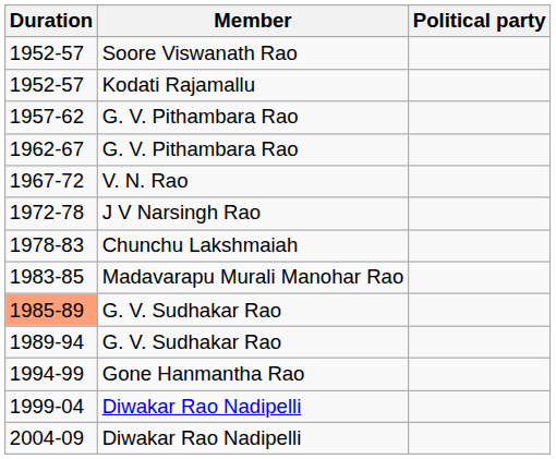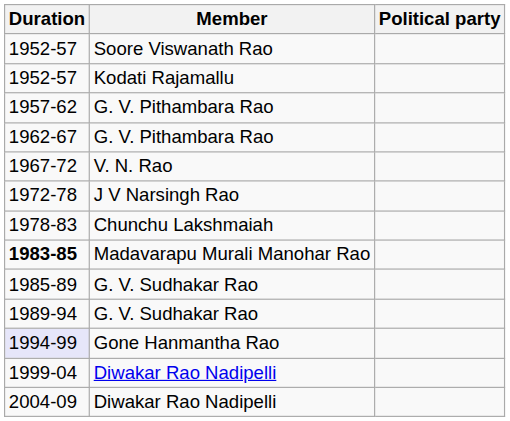 <table class="wikitable">
 <tr>
 <th>Duration</th>
 <th>Member</th>
 <th colspan="2">Political party</th>
 </tr>
 <tr>
 <td>1952-57</td>
 <td>Soore Viswanath Rao</td>
 <td></td>
 </tr>
 <tr>
 <td>1952-57</td>
 <td>Kodati Rajamallu</td>
 <td></td>
 </tr>
 <tr>
 <td>1957-62</td>
 <td>G. V. Pithambara Rao</td>
 <td></td>
 </tr>
 <tr>
 <td>1962-67</td>
 <td>G. V. Pithambara Rao</td>
 <td></td>
 </tr>
 <tr>
 <td>1967-72</td>
 <td>V. N. Rao</td>
 <td></td>
 </tr>
 <tr>
 <td>1972-78</td>
 <td>J V Narsingh Rao</td>
 <td></td>
 </tr>
 <tr>
 <td>1978-83</td>
 <td>Chunchu Lakshmaiah</td>
 <td></td>
 </tr>
 <tr>
-<td>1983-85</td>
+<td><strong>1983-85</strong></td>
 <td>Madavarapu Murali Manohar Rao</td>
 <td></td>
 </tr>
 <tr>
-<td style="background: lightsalmon;">1985-89</td>
+<td>1985-89</td>
 <td>G. V. Sudhakar Rao</td>
 <td></td>
 </tr>
 <tr>
 <td>1989-94</td>
 <td>G. V. Sudhakar Rao</td>
 <td></td>
 </tr>
 <tr>
-<td>1994-99</td>
+<td style="background: lavender;">1994-99</td>
 <td>Gone Hanmantha Rao</td>
 <td></td>
 </tr>
 <tr>
 <td>1999-04</td>
 <td><a href='#'>Diwakar Rao Nadipelli</a></td>
 <td></td>
 </tr>
 <tr>
 <td>2004-09</td>
 <td>Diwakar Rao Nadipelli</td>
 <td></td>
 </tr>
 </table>
